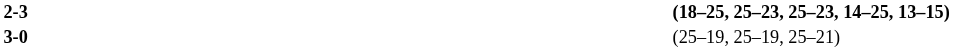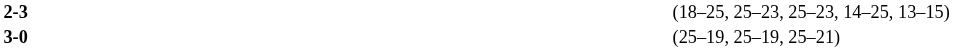 <table width=100% cellspacing=1>
 <tr>
 <th width=20%></th>
 <th width=12%></th>
 <th width=20%></th>
 <th width=33%></th>
 <td></td>
 </tr>
 <tr style=font-size:90%>
 <td align=right></td>
 <td align=center><strong>2-3</strong></td>
 <td></td>
-<td><strong>(18–25, 25–23, 25–23, 14–25, 13–15)</strong></td>
+<td>(18–25, 25–23, 25–23, 14–25, 13–15)</td>
 <td></td>
 </tr>
 <tr style=font-size:90%>
 <td align=right></td>
 <td align=center><strong>3-0</strong></td>
 <td></td>
 <td>(25–19, 25–19, 25–21)</td>
 </tr>
 </table>
